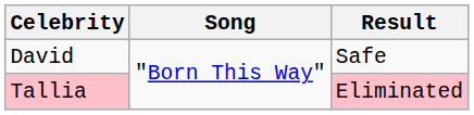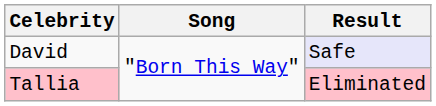 <table class="wikitable sortable collapsed">
 <tr>
 <th>Celebrity</th>
 <th>Song</th>
 <th>Result</th>
 </tr>
 <tr>
 <td>David</td>
 <td rowspan=2>"<a href='#'>Born This Way</a>"</td>
-<td>Safe</td>
+<td style="background: lavender;">Safe</td>
 </tr>
 <tr style="background:pink;">
 <td>Tallia</td>
 <td>Eliminated</td>
 </tr>
 </table>
